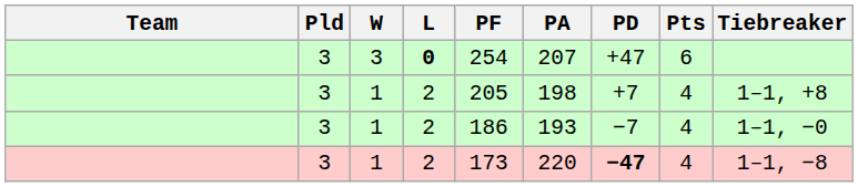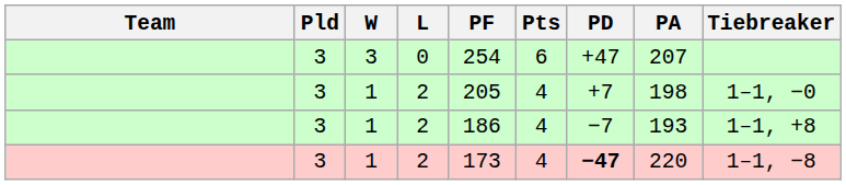 <table class="wikitable" style="text-align:center;">
 <tr>
 <th width=170>Team</th>
 <th width=25>Pld</th>
 <th width=25>W</th>
 <th width=25>L</th>
 <th width=35>PF</th>
+<th width=25>Pts</th>
+<th width=35>PD</th>
 <th width=35>PA</th>
-<th width=35>PD</th>
-<th width=25>Pts</th>
 <th width=50>Tiebreaker</th>
 </tr>
 <tr style="background:#ccffcc">
 <td style="text-align:left"></td>
 <td>3</td>
 <td>3</td>
-<td><strong>0</strong></td>
+<td>0</td>
 <td>254</td>
+<td>6</td>
+<td>+47</td>
 <td>207</td>
-<td>+47</td>
-<td>6</td>
 <td></td>
 </tr>
 <tr style="background:#ccffcc">
 <td style="text-align:left"></td>
 <td>3</td>
 <td>1</td>
 <td>2</td>
 <td>205</td>
+<td>4</td>
+<td>+7</td>
 <td>198</td>
-<td>+7</td>
-<td>4</td>
-<td>1–1, +8</td>
+<td>1–1, −0</td>
 </tr>
 <tr style="background:#ccffcc">
 <td style="text-align:left"></td>
 <td>3</td>
 <td>1</td>
 <td>2</td>
 <td>186</td>
+<td>4</td>
+<td>−7</td>
 <td>193</td>
-<td>−7</td>
-<td>4</td>
-<td>1–1, −0</td>
+<td>1–1, +8</td>
 </tr>
 <tr style="background:#ffcccc">
 <td style="text-align:left"></td>
 <td>3</td>
 <td>1</td>
 <td>2</td>
 <td>173</td>
+<td>4</td>
+<td><strong>−47</strong></td>
 <td>220</td>
-<td><strong>−47</strong></td>
-<td>4</td>
 <td>1–1, −8</td>
 </tr>
 </table>
